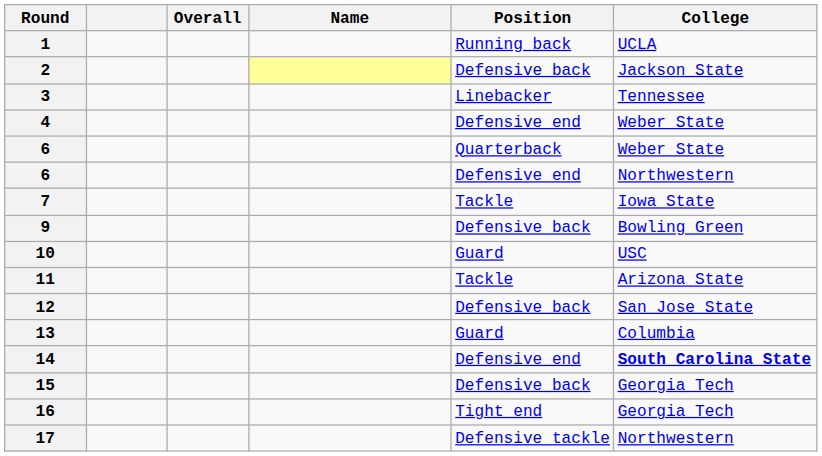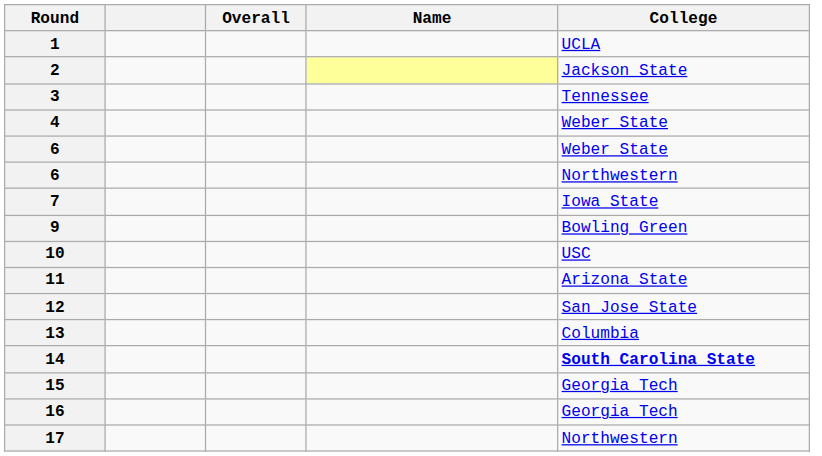 <table class="wikitable sortable">
 <tr>
 <th scope="col" style="width: 10%;">Round</th>
 <th scope="col" style="width: 10%;"></th>
 <th scope="col" style="width: 10%;">Overall</th>
 <th scope="col" style="width: 25%;">Name</th>
-<th scope="col" style="width: 20%;">Position</th>
 <th scope="col" style="width: 25%;">College</th>
 </tr>
 <tr>
 <th scope="row">1</th>
 <td></td>
 <td></td>
 <td></td>
-<td><a href='#'>Running back</a></td>
 <td><a href='#'>UCLA</a></td>
 </tr>
 <tr>
 <th scope="row">2</th>
 <td></td>
 <td></td>
 <td style="background-color: #FFFF99;"> </td>
-<td><a href='#'>Defensive back</a></td>
 <td><a href='#'>Jackson State</a></td>
 </tr>
 <tr>
 <th scope="row">3</th>
 <td></td>
 <td></td>
 <td></td>
-<td><a href='#'>Linebacker</a></td>
 <td><a href='#'>Tennessee</a></td>
 </tr>
 <tr>
 <th scope="row">4</th>
 <td></td>
 <td></td>
 <td></td>
-<td><a href='#'>Defensive end</a></td>
 <td><a href='#'>Weber State</a></td>
 </tr>
 <tr>
 <th scope="row">6</th>
 <td></td>
 <td></td>
 <td></td>
-<td><a href='#'>Quarterback</a></td>
 <td><a href='#'>Weber State</a></td>
 </tr>
 <tr>
 <th scope="row">6</th>
 <td></td>
 <td></td>
 <td></td>
-<td><a href='#'>Defensive end</a></td>
 <td><a href='#'>Northwestern</a></td>
 </tr>
 <tr>
 <th scope="row">7</th>
 <td></td>
 <td></td>
 <td></td>
-<td><a href='#'>Tackle</a></td>
 <td><a href='#'>Iowa State</a></td>
 </tr>
 <tr>
 <th scope="row">9</th>
 <td></td>
 <td></td>
 <td></td>
-<td><a href='#'>Defensive back</a></td>
 <td><a href='#'>Bowling Green</a></td>
 </tr>
 <tr>
 <th scope="row">10</th>
 <td></td>
 <td></td>
 <td></td>
-<td><a href='#'>Guard</a></td>
 <td><a href='#'>USC</a></td>
 </tr>
 <tr>
 <th scope="row">11</th>
 <td></td>
 <td></td>
 <td></td>
-<td><a href='#'>Tackle</a></td>
 <td><a href='#'>Arizona State</a></td>
 </tr>
 <tr>
 <th scope="row">12</th>
 <td></td>
 <td></td>
 <td></td>
-<td><a href='#'>Defensive back</a></td>
 <td><a href='#'>San Jose State</a></td>
 </tr>
 <tr>
 <th scope="row">13</th>
 <td></td>
 <td></td>
 <td></td>
-<td><a href='#'>Guard</a></td>
 <td><a href='#'>Columbia</a></td>
 </tr>
 <tr>
 <th scope="row">14</th>
 <td></td>
 <td></td>
 <td></td>
-<td><a href='#'>Defensive end</a></td>
 <td><strong><a href='#'>South Carolina State</a></strong></td>
 </tr>
 <tr>
 <th scope="row">15</th>
 <td></td>
 <td></td>
 <td></td>
-<td><a href='#'>Defensive back</a></td>
 <td><a href='#'>Georgia Tech</a></td>
 </tr>
 <tr>
 <th scope="row">16</th>
 <td></td>
 <td></td>
 <td></td>
-<td><a href='#'>Tight end</a></td>
 <td><a href='#'>Georgia Tech</a></td>
 </tr>
 <tr>
 <th scope="row">17</th>
 <td></td>
 <td></td>
 <td></td>
-<td><a href='#'>Defensive tackle</a></td>
 <td><a href='#'>Northwestern</a></td>
 </tr>
 </table>
